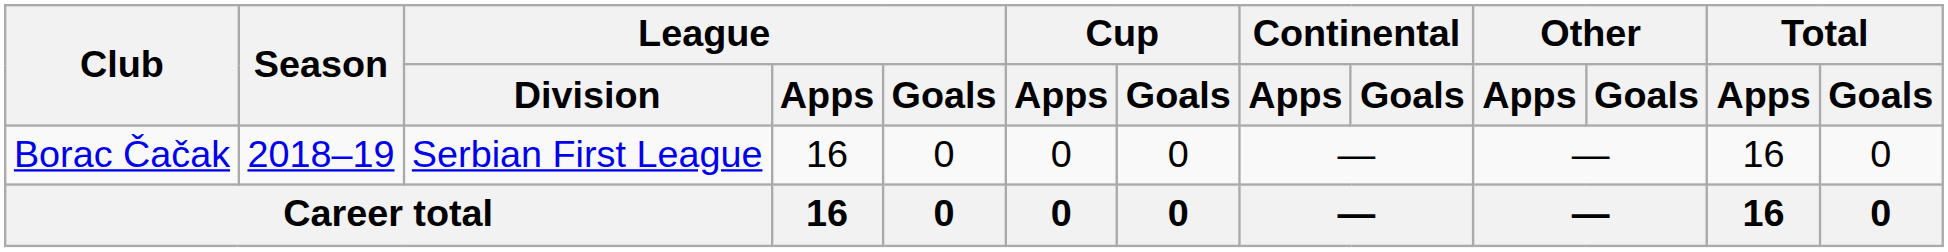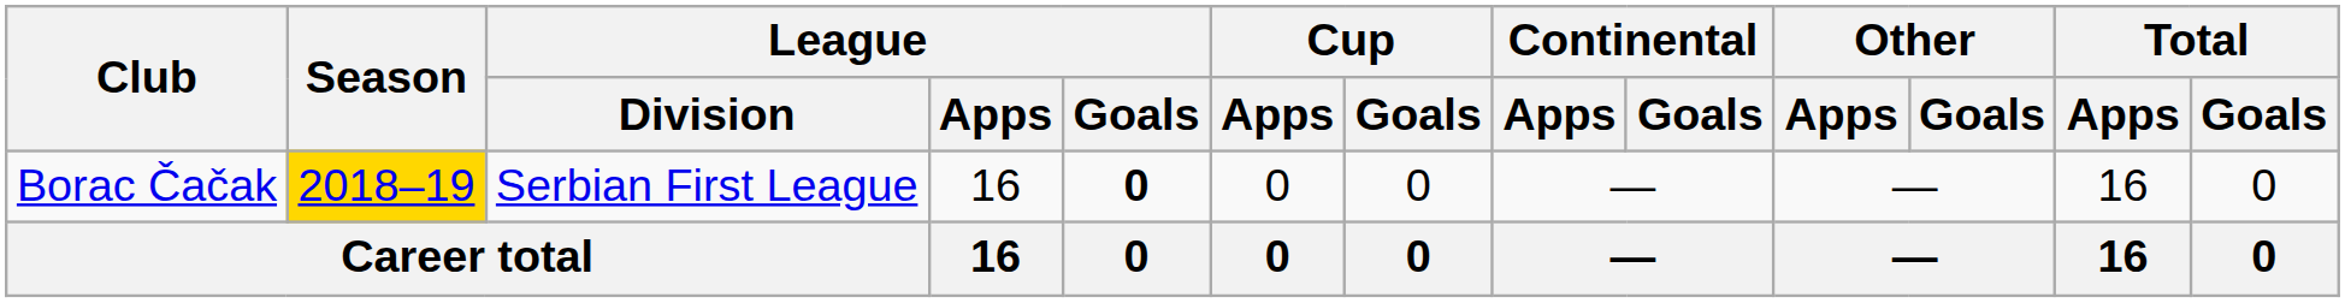 <table class="wikitable" style="text-align: center">
 <tr>
 <th rowspan="2">Club</th>
 <th rowspan="2">Season</th>
 <th colspan="3">League</th>
 <th colspan="2">Cup</th>
 <th colspan="2">Continental</th>
 <th colspan="2">Other</th>
 <th colspan="2">Total</th>
 </tr>
 <tr>
 <th>Division</th>
 <th>Apps</th>
 <th>Goals</th>
 <th>Apps</th>
 <th>Goals</th>
 <th>Apps</th>
 <th>Goals</th>
 <th>Apps</th>
 <th>Goals</th>
 <th>Apps</th>
 <th>Goals</th>
 </tr>
 <tr>
 <td><a href='#'>Borac Čačak</a></td>
-<td><a href='#'>2018–19</a></td>
+<td style="background: gold;"><a href='#'>2018–19</a></td>
 <td><a href='#'>Serbian First League</a></td>
 <td>16</td>
-<td>0</td>
+<td><strong>0</strong></td>
 <td>0</td>
 <td>0</td>
 <td colspan="2">—</td>
 <td colspan="2">—</td>
 <td>16</td>
 <td>0</td>
 </tr>
 <tr>
 <th colspan="3">Career total</th>
 <th>16</th>
 <th>0</th>
 <th>0</th>
 <th>0</th>
 <th colspan="2">—</th>
 <th colspan="2">—</th>
 <th>16</th>
 <th>0</th>
 </tr>
 </table>
